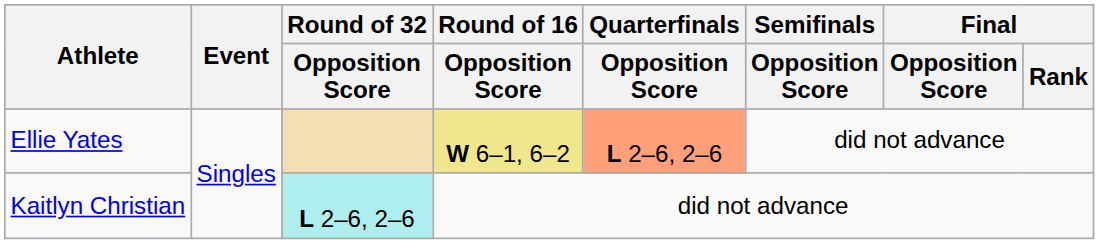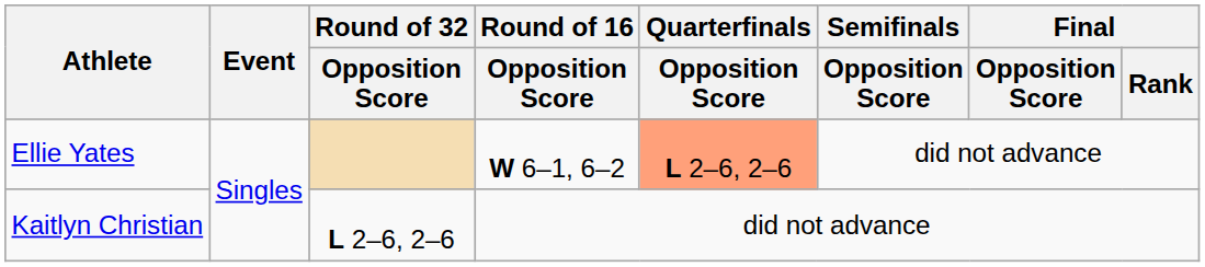 <table class="wikitable" border="1" style="font-size:90%">
 <tr>
 <th rowspan=2>Athlete</th>
 <th rowspan=2>Event</th>
 <th>Round of 32</th>
 <th>Round of 16</th>
 <th>Quarterfinals</th>
 <th>Semifinals</th>
 <th colspan=2>Final</th>
 </tr>
 <tr>
 <th>Opposition<br>Score</th>
 <th>Opposition<br>Score</th>
 <th>Opposition<br>Score</th>
 <th>Opposition<br>Score</th>
 <th>Opposition<br>Score</th>
 <th>Rank</th>
 </tr>
 <tr>
 <td><a href='#'>Ellie Yates</a></td>
 <td rowspan=2><a href='#'>Singles</a></td>
 <td bgcolor=wheat></td>
-<td align=center style="background: khaki;"><br><strong>W</strong> 6–1, 6–2</td>
+<td align=center><br><strong>W</strong> 6–1, 6–2</td>
 <td align=center style="background: lightsalmon;"><br><strong>L</strong> 2–6, 2–6</td>
 <td align=center colspan=3>did not advance</td>
 </tr>
 <tr>
 <td><a href='#'>Kaitlyn Christian</a></td>
-<td align=center style="background: paleturquoise;"><br><strong>L</strong> 2–6, 2–6</td>
+<td align=center><br><strong>L</strong> 2–6, 2–6</td>
 <td align=center colspan=5>did not advance</td>
 </tr>
 </table>
